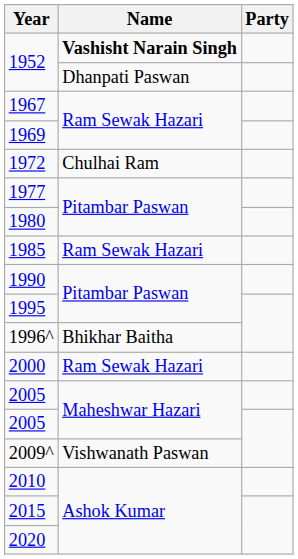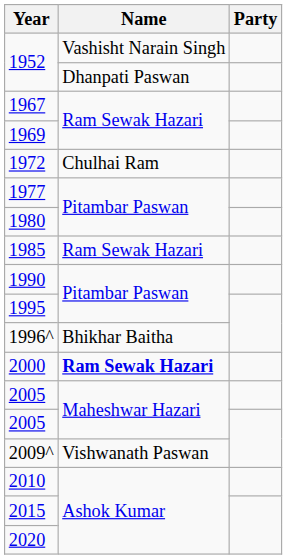 <table class="wikitable sortable">
 <tr>
 <th>Year</th>
 <th>Name</th>
 <th colspan="2">Party</th>
 </tr>
 <tr>
 <td rowspan="2"><a href='#'>1952</a></td>
-<td><strong>Vashisht Narain Singh</strong></td>
+<td>Vashisht Narain Singh</td>
 <td></td>
 </tr>
 <tr>
 <td>Dhanpati Paswan</td>
 </tr>
 <tr>
 <td><a href='#'>1967</a></td>
 <td rowspan="2"><a href='#'>Ram Sewak Hazari</a></td>
 <td></td>
 </tr>
 <tr>
 <td><a href='#'>1969</a></td>
 </tr>
 <tr>
 <td><a href='#'>1972</a></td>
 <td>Chulhai Ram</td>
 <td></td>
 </tr>
 <tr>
 <td><a href='#'>1977</a></td>
 <td rowspan="2"><a href='#'>Pitambar Paswan</a></td>
 <td></td>
 </tr>
 <tr>
 <td><a href='#'>1980</a></td>
 <td></td>
 </tr>
 <tr>
 <td><a href='#'>1985</a></td>
 <td><a href='#'>Ram Sewak Hazari</a></td>
 <td></td>
 </tr>
 <tr>
 <td><a href='#'>1990</a></td>
 <td rowspan="2"><a href='#'>Pitambar Paswan</a></td>
 <td></td>
 </tr>
 <tr>
 <td><a href='#'>1995</a></td>
 </tr>
 <tr>
 <td>1996^</td>
 <td>Bhikhar Baitha</td>
 </tr>
 <tr>
 <td><a href='#'>2000</a></td>
-<td><a href='#'>Ram Sewak Hazari</a></td>
+<td><strong><a href='#'>Ram Sewak Hazari</a></strong></td>
 <td></td>
 </tr>
 <tr>
 <td><a href='#'>2005</a></td>
 <td rowspan="2"><a href='#'>Maheshwar Hazari</a></td>
 <td></td>
 </tr>
 <tr>
 <td><a href='#'>2005</a></td>
 </tr>
 <tr>
 <td>2009^</td>
 <td>Vishwanath Paswan</td>
 </tr>
 <tr>
 <td><a href='#'>2010</a></td>
 <td rowspan="3"><a href='#'>Ashok Kumar</a></td>
 <td></td>
 </tr>
 <tr>
 <td><a href='#'>2015</a></td>
 </tr>
 <tr>
 <td><a href='#'>2020</a></td>
 </tr>
 </table>
